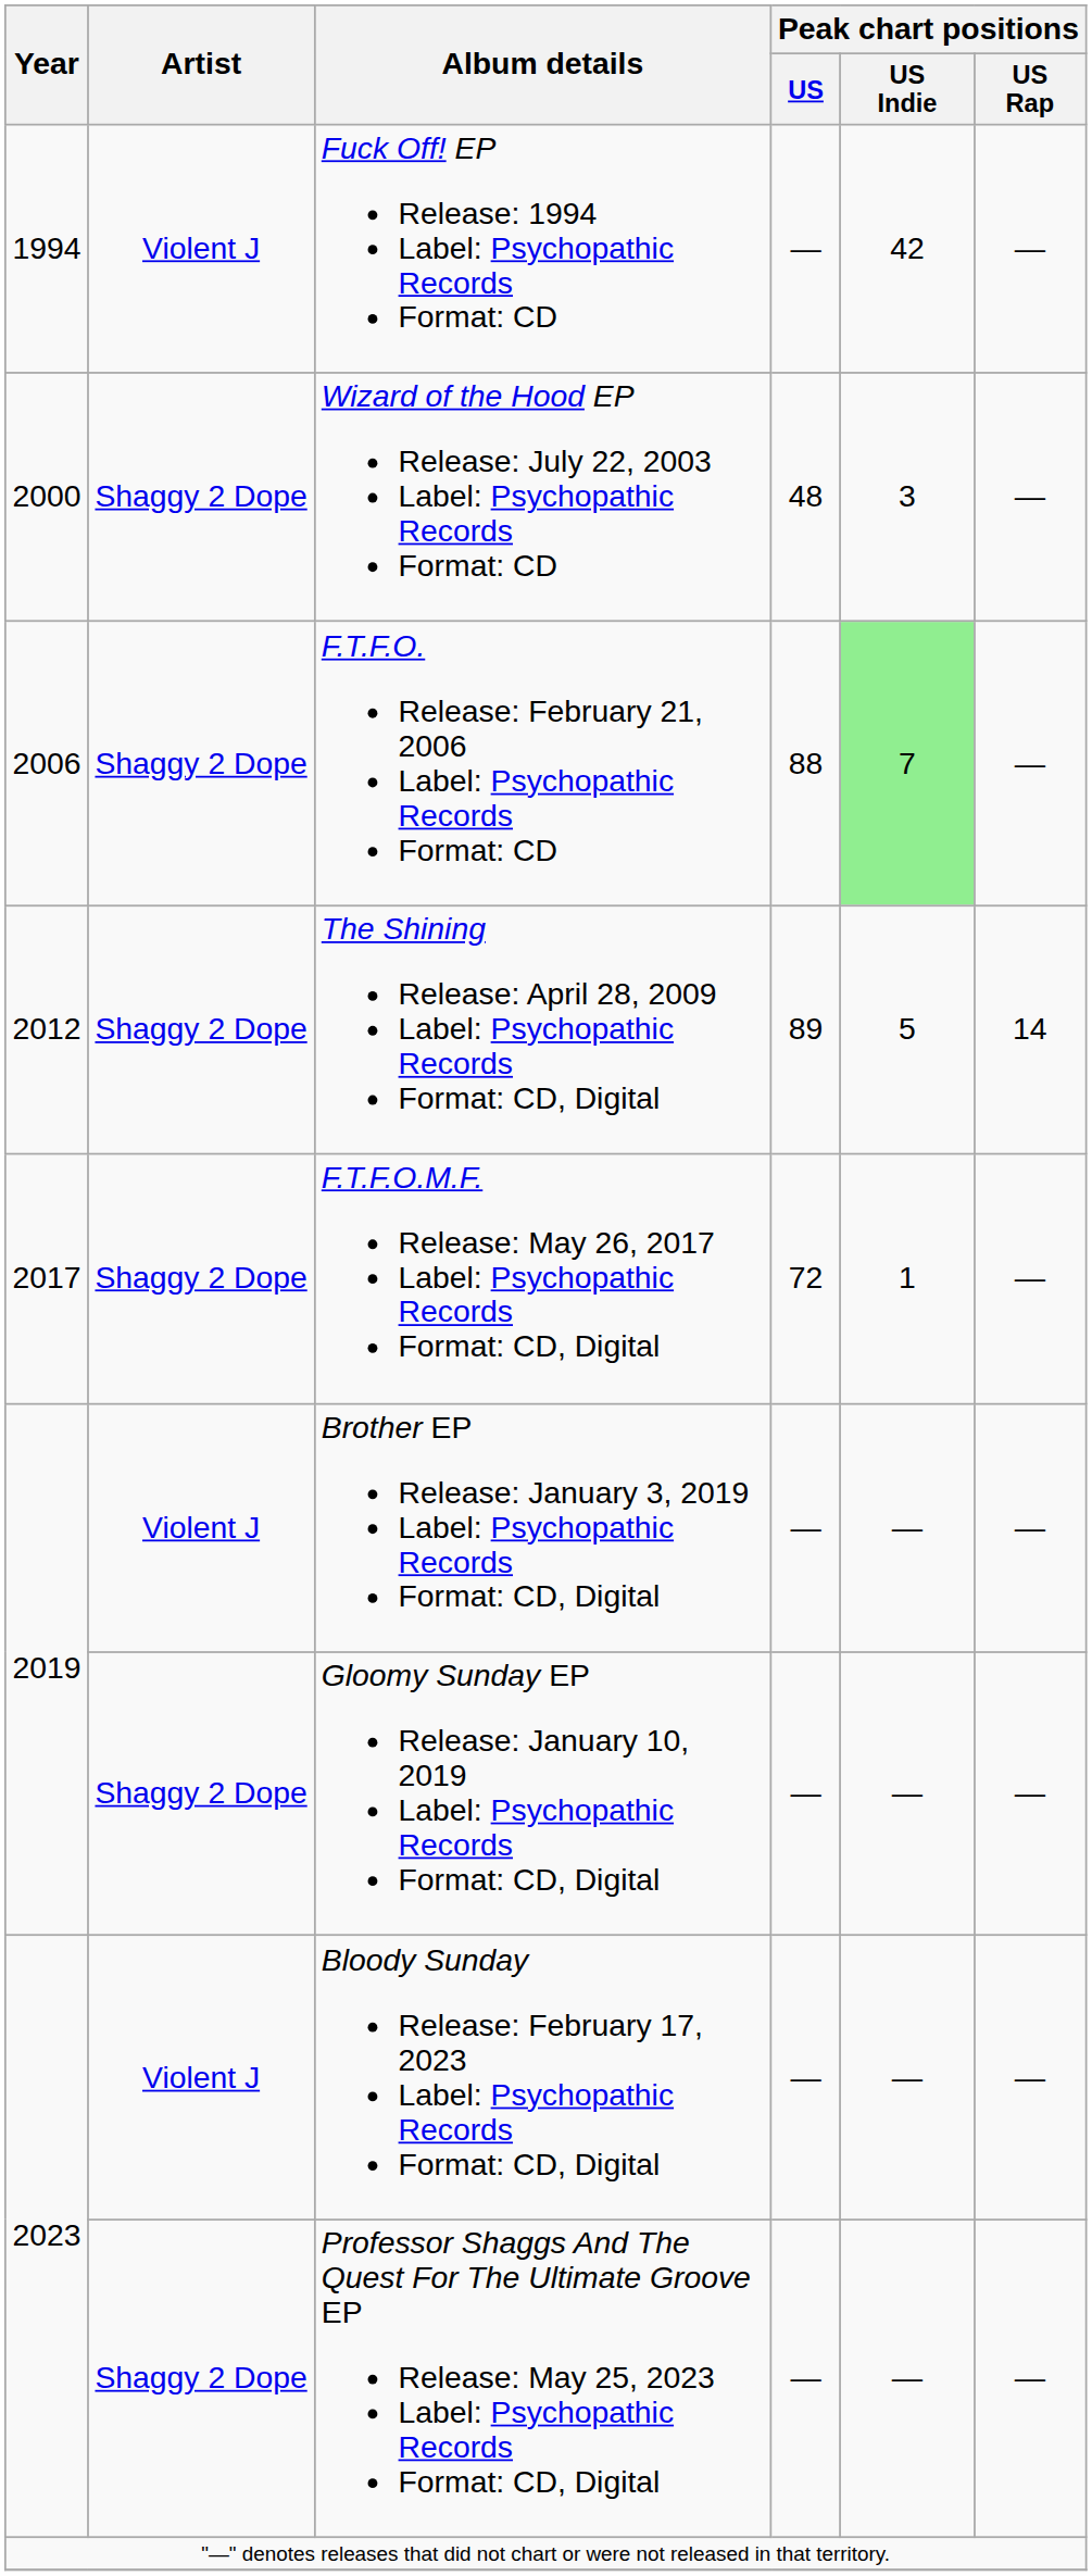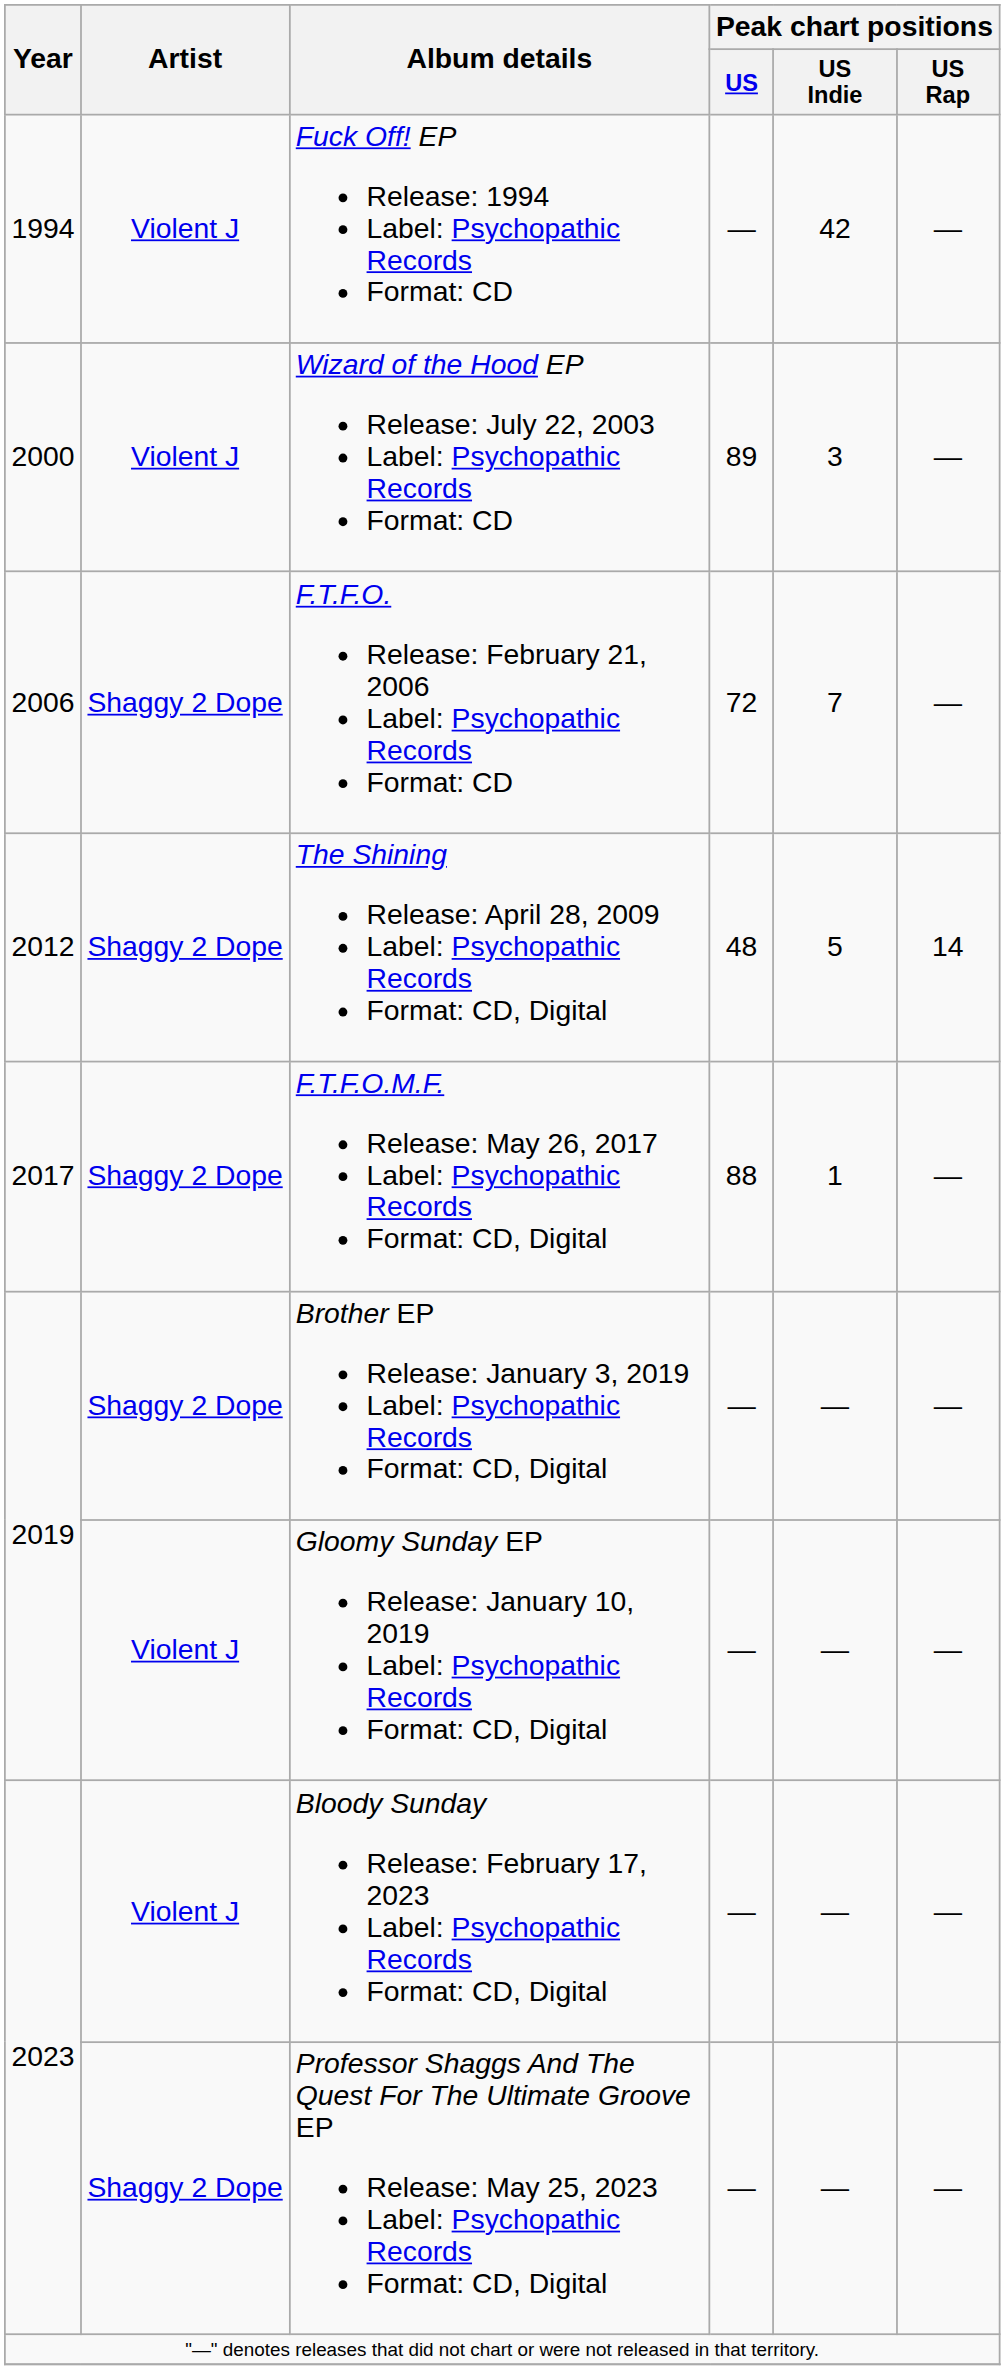 <table class="wikitable" style="text-align:center;">
 <tr>
 <th rowspan="2">Year</th>
 <th rowspan="2">Artist</th>
 <th rowspan="2" width="230">Album details</th>
 <th colspan="3">Peak chart positions</th>
 </tr>
 <tr style="font-size:smaller;">
 <th width="30"><a href='#'>US</a><br></th>
 <th>US<br> Indie<br></th>
 <th>US<br> Rap<br></th>
 </tr>
 <tr>
 <td>1994</td>
 <td><a href='#'>Violent J</a></td>
 <td style="text-align:left"><em><a href='#'>Fuck Off!</a> EP</em><br><ul><li>Release: 1994</li><li>Label: <a href='#'>Psychopathic Records</a></li><li>Format: CD</li></ul></td>
 <td>—</td>
 <td>42</td>
 <td>—</td>
 </tr>
 <tr>
 <td>2000</td>
-<td><a href='#'>Shaggy 2 Dope</a></td>
+<td><a href='#'>Violent J</a></td>
 <td style="text-align:left"><em><a href='#'>Wizard of the Hood</a> EP</em><br><ul><li>Release: July 22, 2003</li><li>Label: <a href='#'>Psychopathic Records</a></li><li>Format: CD</li></ul></td>
-<td>48</td>
+<td>89</td>
 <td>3</td>
 <td>—</td>
 </tr>
 <tr>
 <td>2006</td>
 <td><a href='#'>Shaggy 2 Dope</a></td>
 <td style="text-align:left"><em><a href='#'>F.T.F.O.</a></em><br><ul><li>Release: February 21, 2006</li><li>Label: <a href='#'>Psychopathic Records</a></li><li>Format: CD</li></ul></td>
-<td>88</td>
-<td style="background: lightgreen;">7</td>
+<td>72</td>
+<td>7</td>
 <td>—</td>
 </tr>
 <tr>
 <td>2012</td>
 <td><a href='#'>Shaggy 2 Dope</a></td>
 <td style="text-align:left"><em><a href='#'>The Shining</a></em><br><ul><li>Release: April 28, 2009</li><li>Label: <a href='#'>Psychopathic Records</a></li><li>Format: CD, Digital</li></ul></td>
-<td>89</td>
+<td>48</td>
 <td>5</td>
 <td>14</td>
 </tr>
 <tr>
 <td>2017</td>
 <td><a href='#'>Shaggy 2 Dope</a></td>
 <td style="text-align:left"><em><a href='#'>F.T.F.O.M.F.</a></em><br><ul><li>Release: May 26, 2017</li><li>Label: <a href='#'>Psychopathic Records</a></li><li>Format: CD, Digital</li></ul></td>
-<td>72</td>
+<td>88</td>
 <td>1</td>
 <td>—</td>
 </tr>
 <tr>
 <td rowspan="2">2019</td>
-<td><a href='#'>Violent J</a></td>
+<td><a href='#'>Shaggy 2 Dope</a></td>
 <td style="text-align:left"><em>Brother</em> EP<br><ul><li>Release: January 3, 2019</li><li>Label: <a href='#'>Psychopathic Records</a></li><li>Format: CD, Digital</li></ul></td>
 <td>—</td>
 <td>—</td>
 <td>—</td>
 </tr>
 <tr>
-<td><a href='#'>Shaggy 2 Dope</a></td>
+<td><a href='#'>Violent J</a></td>
 <td style="text-align:left"><em>Gloomy Sunday</em> EP<br><ul><li>Release: January 10, 2019</li><li>Label: <a href='#'>Psychopathic Records</a></li><li>Format: CD, Digital</li></ul></td>
 <td>—</td>
 <td>—</td>
 <td>—</td>
 </tr>
 <tr>
 <td rowspan="2">2023</td>
 <td><a href='#'>Violent J</a></td>
 <td style="text-align:left"><em>Bloody Sunday</em><br><ul><li>Release: February 17, 2023</li><li>Label: <a href='#'>Psychopathic Records</a></li><li>Format: CD, Digital</li></ul></td>
 <td>—</td>
 <td>—</td>
 <td>—</td>
 </tr>
 <tr>
 <td><a href='#'>Shaggy 2 Dope</a></td>
 <td style="text-align:left"><em>Professor Shaggs And The Quest For The Ultimate Groove</em> EP<br><ul><li>Release: May 25, 2023</li><li>Label: <a href='#'>Psychopathic Records</a></li><li>Format: CD, Digital</li></ul></td>
 <td>—</td>
 <td>—</td>
 <td>—</td>
 </tr>
 <tr>
 <td colspan="13" style="font-size: 8pt">"—" denotes releases that did not chart or were not released in that territory.</td>
 </tr>
 <tr>
 </tr>
 </table>
